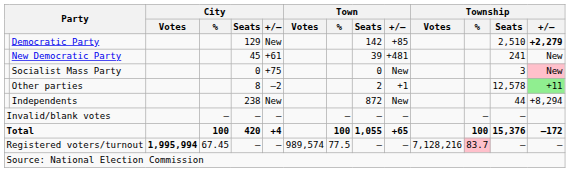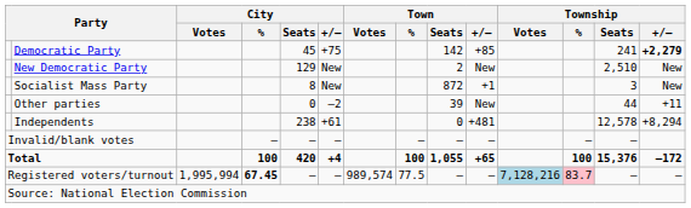 <table class="wikitable" style="text-align:right">
 <tr>
 <th colspan="2" rowspan="2">Party</th>
 <th colspan="4">City</th>
 <th colspan="4">Town</th>
 <th colspan="4">Township</th>
 </tr>
 <tr>
 <th>Votes</th>
 <th>%</th>
 <th>Seats</th>
 <th>+/–</th>
 <th>Votes</th>
 <th>%</th>
 <th>Seats</th>
 <th>+/–</th>
 <th>Votes</th>
 <th>%</th>
 <th>Seats</th>
 <th>+/–</th>
 </tr>
 <tr>
 <td></td>
 <td align="left"><a href='#'>Democratic Party</a></td>
 <td></td>
 <td></td>
-<td>129</td>
-<td>New</td>
+<td>45</td>
+<td>+75</td>
 <td></td>
 <td></td>
 <td>142</td>
 <td>+85</td>
 <td></td>
 <td></td>
-<td>2,510</td>
+<td>241</td>
 <td><strong>+2,279</strong></td>
 </tr>
 <tr>
 <td></td>
 <td align="left"><a href='#'>New Democratic Party</a></td>
 <td></td>
 <td></td>
-<td>45</td>
-<td>+61</td>
+<td>129</td>
+<td>New</td>
 <td></td>
 <td></td>
-<td>39</td>
-<td>+481</td>
+<td>2</td>
+<td>New</td>
 <td></td>
 <td></td>
-<td>241</td>
+<td>2,510</td>
 <td>New</td>
 </tr>
 <tr>
 <td></td>
 <td align="left">Socialist Mass Party</td>
 <td></td>
 <td></td>
-<td>0</td>
-<td>+75</td>
-<td></td>
-<td></td>
-<td>0</td>
+<td>8</td>
 <td>New</td>
 <td></td>
 <td></td>
+<td>872</td>
+<td>+1</td>
+<td></td>
+<td></td>
 <td>3</td>
-<td style="background: pink;">New</td>
+<td>New</td>
 </tr>
 <tr>
 <td></td>
 <td align="left">Other parties</td>
 <td></td>
 <td></td>
-<td>8</td>
+<td>0</td>
 <td>–2</td>
 <td></td>
 <td></td>
-<td>2</td>
-<td>+1</td>
+<td>39</td>
+<td>New</td>
 <td></td>
 <td></td>
-<td>12,578</td>
-<td style="background: lightgreen;">+11</td>
+<td>44</td>
+<td>+11</td>
 </tr>
 <tr>
 <td></td>
 <td align="left">Independents</td>
 <td></td>
 <td></td>
 <td>238</td>
-<td>New</td>
+<td>+61</td>
 <td></td>
 <td></td>
-<td>872</td>
-<td>New</td>
+<td>0</td>
+<td>+481</td>
 <td></td>
 <td></td>
-<td>44</td>
+<td>12,578</td>
 <td>+8,294</td>
 </tr>
 <tr>
 <td colspan="2" align="left">Invalid/blank votes</td>
 <td></td>
 <td>–</td>
 <td>–</td>
 <td>–</td>
 <td></td>
 <td>–</td>
 <td>–</td>
 <td>–</td>
 <td></td>
 <td>–</td>
 <td>–</td>
 <td></td>
 </tr>
 <tr>
 <td colspan="2" align="left"><strong>Total</strong></td>
 <td></td>
 <td><strong>100</strong></td>
 <td><strong>420</strong></td>
 <td><strong>+4</strong></td>
 <td></td>
 <td><strong>100</strong></td>
 <td><strong>1,055</strong></td>
 <td><strong>+65</strong></td>
 <td></td>
 <td><strong>100</strong></td>
 <td><strong>15,376</strong></td>
 <td><strong>–172</strong></td>
 </tr>
 <tr>
 <td colspan="2" align="left">Registered voters/turnout</td>
-<td><strong>1,995,994</strong></td>
-<td>67.45</td>
+<td>1,995,994</td>
+<td><strong>67.45</strong></td>
 <td>–</td>
 <td>–</td>
 <td>989,574</td>
 <td>77.5</td>
 <td>–</td>
 <td>–</td>
-<td>7,128,216</td>
+<td style="background: lightblue;">7,128,216</td>
 <td style="background: pink;">83.7</td>
 <td>–</td>
 <td>–</td>
 </tr>
 <tr>
 <td colspan="14" align="left">Source: National Election Commission</td>
 </tr>
 </table>
